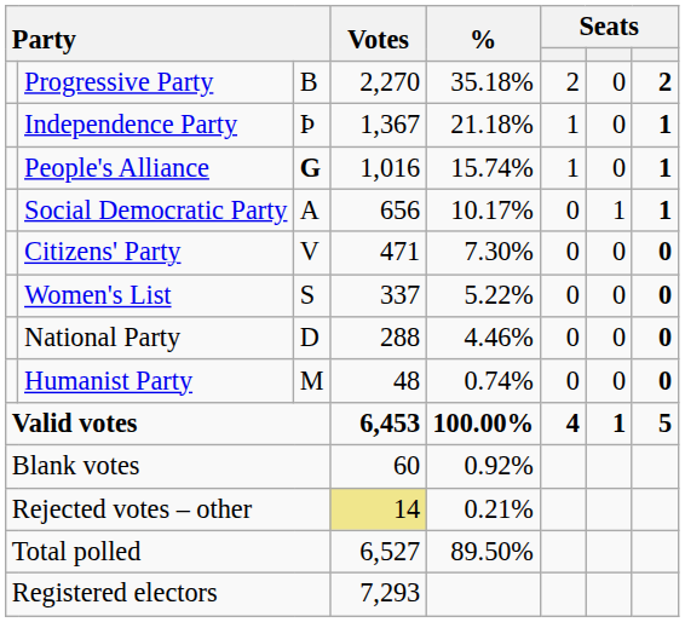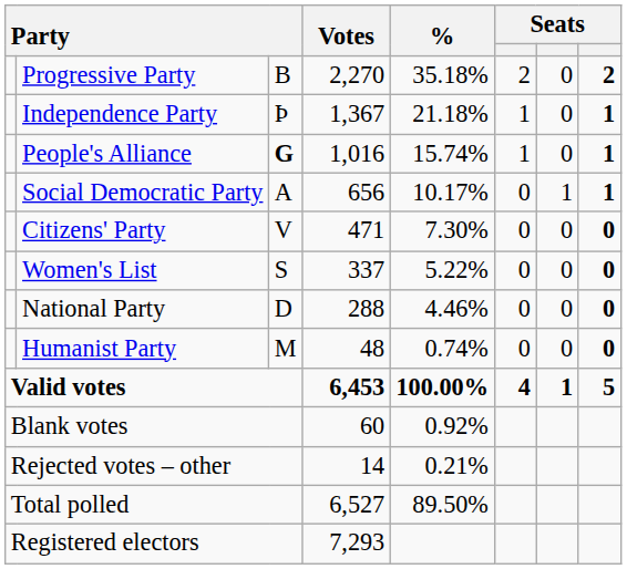 <table class="wikitable" border="1" style="text-align:right;">
 <tr>
 <th style="text-align:left;" valign=bottom rowspan=2 colspan=3>Party</th>
 <th align=center valign=bottom rowspan=2 width="50">Votes</th>
 <th align=center valign=bottom rowspan=2 width="50">%</th>
 <th colspan=3>Seats</th>
 </tr>
 <tr>
 <th align=center valign=bottom width="20"><small></small></th>
 <th align=center valign=bottom width="20"><small><a href='#'></a></small></th>
 <th align=center valign=bottom width="20"><small></small></th>
 </tr>
 <tr>
 <td></td>
 <td align=left><a href='#'>Progressive Party</a></td>
 <td align=left>B</td>
 <td>2,270</td>
 <td>35.18%</td>
 <td>2</td>
 <td>0</td>
 <td><strong>2</strong></td>
 </tr>
 <tr>
 <td></td>
 <td align=left><a href='#'>Independence Party</a></td>
 <td align=left>Þ</td>
 <td>1,367</td>
 <td>21.18%</td>
 <td>1</td>
 <td>0</td>
 <td><strong>1</strong></td>
 </tr>
 <tr>
 <td></td>
 <td align=left><a href='#'>People's Alliance</a></td>
 <td align=left><strong>G</strong></td>
 <td>1,016</td>
 <td>15.74%</td>
 <td>1</td>
 <td>0</td>
 <td><strong>1</strong></td>
 </tr>
 <tr>
 <td></td>
 <td align=left><a href='#'>Social Democratic Party</a></td>
 <td align=left>A</td>
 <td>656</td>
 <td>10.17%</td>
 <td>0</td>
 <td>1</td>
 <td><strong>1</strong></td>
 </tr>
 <tr>
 <td></td>
 <td align=left><a href='#'>Citizens' Party</a></td>
 <td align=left>V</td>
 <td>471</td>
 <td>7.30%</td>
 <td>0</td>
 <td>0</td>
 <td><strong>0</strong></td>
 </tr>
 <tr>
 <td></td>
 <td align=left><a href='#'>Women's List</a></td>
 <td align=left>S</td>
 <td>337</td>
 <td>5.22%</td>
 <td>0</td>
 <td>0</td>
 <td><strong>0</strong></td>
 </tr>
 <tr>
 <td></td>
 <td align=left>National Party</td>
 <td align=left>D</td>
 <td>288</td>
 <td>4.46%</td>
 <td>0</td>
 <td>0</td>
 <td><strong>0</strong></td>
 </tr>
 <tr>
 <td></td>
 <td align=left><a href='#'>Humanist Party</a></td>
 <td align=left>M</td>
 <td>48</td>
 <td>0.74%</td>
 <td>0</td>
 <td>0</td>
 <td><strong>0</strong></td>
 </tr>
 <tr style="font-weight:bold">
 <td align=left colspan=3>Valid votes</td>
 <td>6,453</td>
 <td>100.00%</td>
 <td>4</td>
 <td>1</td>
 <td>5</td>
 </tr>
 <tr>
 <td align=left colspan=3>Blank votes</td>
 <td>60</td>
 <td>0.92%</td>
 <td></td>
 <td></td>
 <td></td>
 </tr>
 <tr>
 <td align=left colspan=3>Rejected votes – other</td>
-<td style="background: khaki;">14</td>
+<td>14</td>
 <td>0.21%</td>
 <td></td>
 <td></td>
 <td></td>
 </tr>
 <tr>
 <td align=left colspan=3>Total polled</td>
 <td>6,527</td>
 <td>89.50%</td>
 <td></td>
 <td></td>
 <td></td>
 </tr>
 <tr>
 <td align=left colspan=3>Registered electors</td>
 <td>7,293</td>
 <td></td>
 <td></td>
 <td></td>
 <td></td>
 </tr>
 </table>
